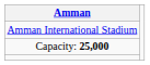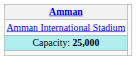 <table class="wikitable" style="text-align:center">
 <tr>
 <th><a href='#'>Amman</a></th>
 <td rowspan="4"></td>
 </tr>
 <tr>
 <td><a href='#'>Amman International Stadium</a></td>
 </tr>
 <tr>
-<td>Capacity: <strong>25,000</strong></td>
+<td style="background: paleturquoise;">Capacity: <strong>25,000</strong></td>
 </tr>
 <tr>
 <td></td>
 </tr>
 </table>
